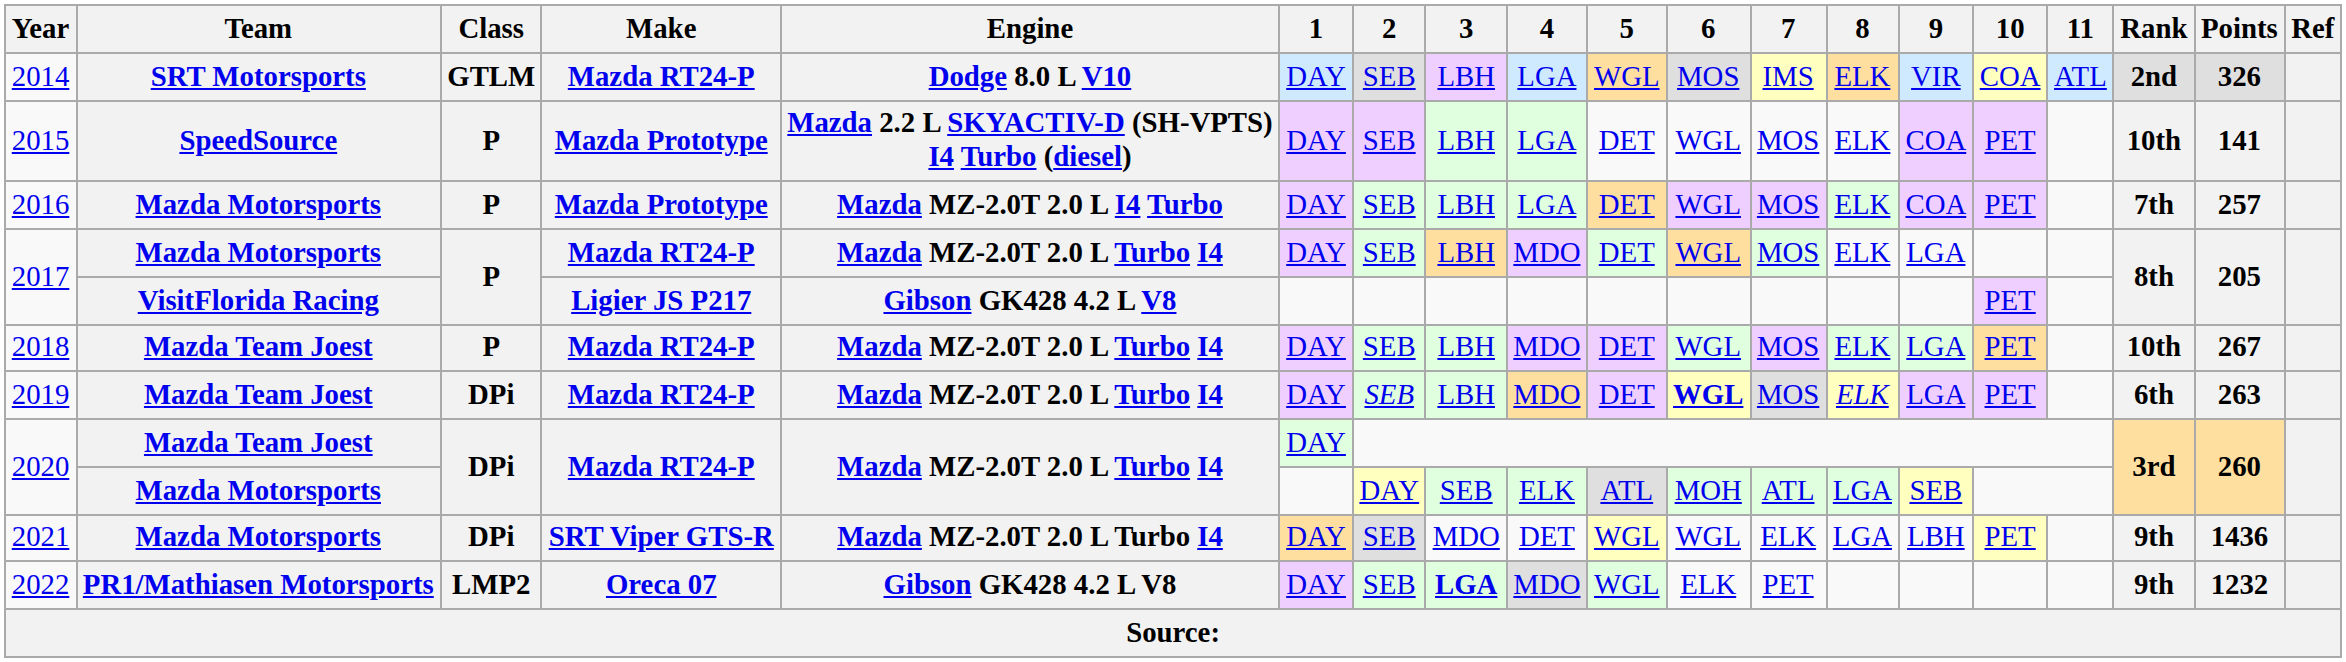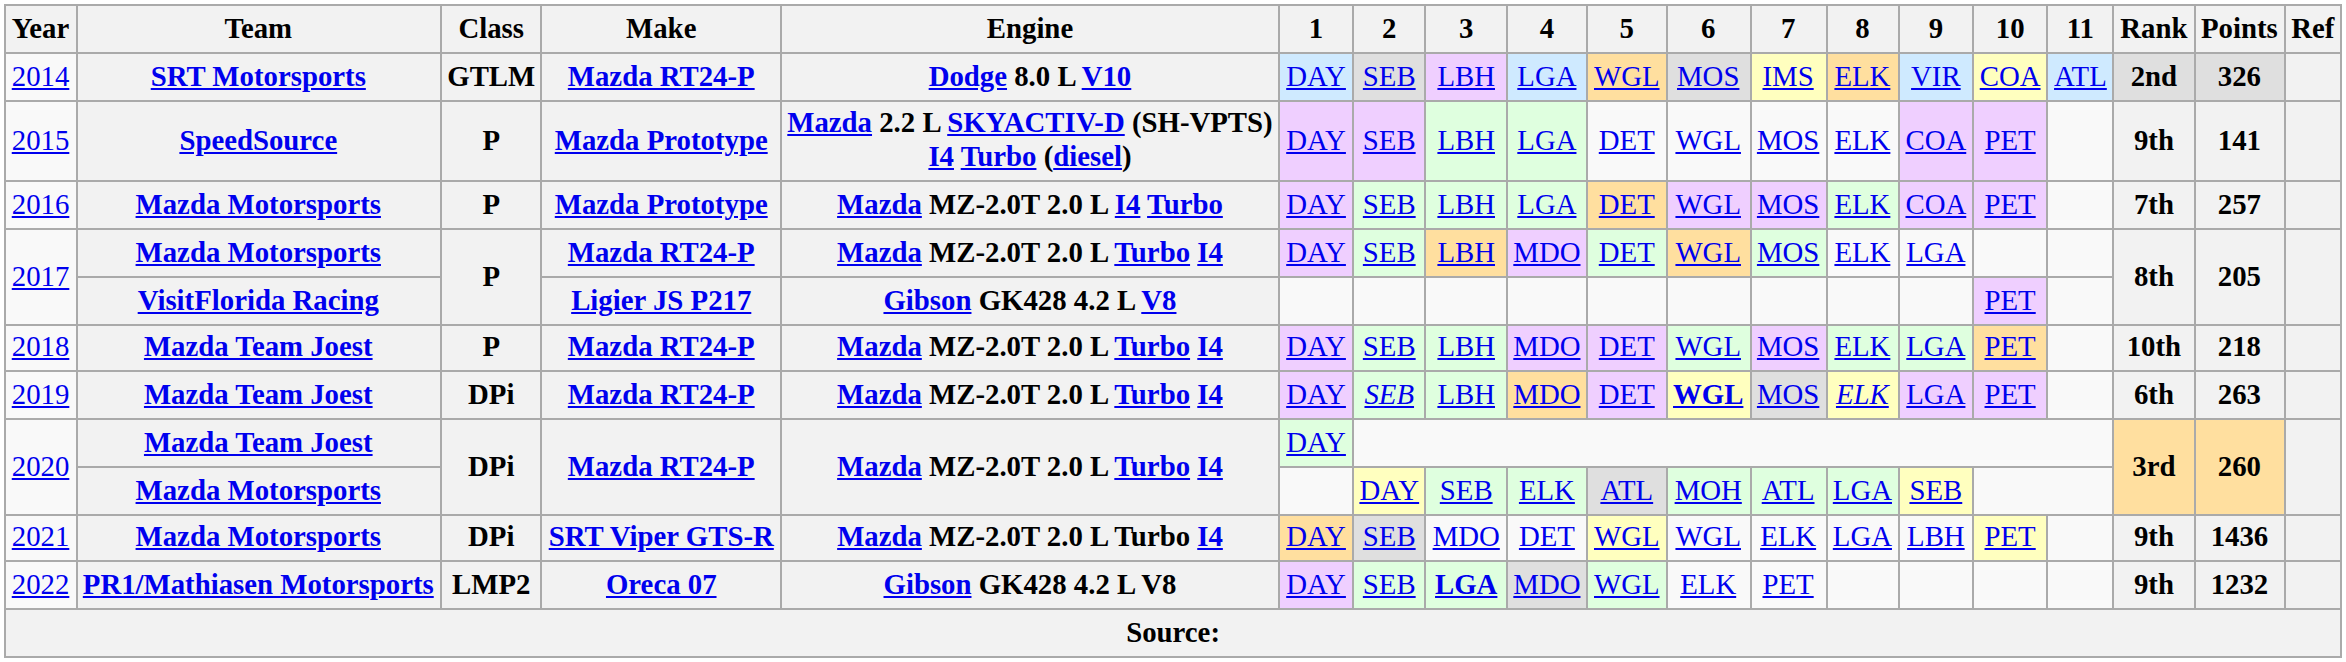 <table class="wikitable" style="text-align:center; font-size:90%">
 <tr>
 <th>Year</th>
 <th>Team</th>
 <th>Class</th>
 <th>Make</th>
 <th>Engine</th>
 <th>1</th>
 <th>2</th>
 <th>3</th>
 <th>4</th>
 <th>5</th>
 <th>6</th>
 <th>7</th>
 <th>8</th>
 <th>9</th>
 <th>10</th>
 <th>11</th>
 <th>Rank</th>
 <th>Points</th>
 <th>Ref</th>
 </tr>
 <tr>
 <td><a href='#'>2014</a></td>
 <th><a href='#'>SRT Motorsports</a></th>
 <th>GTLM</th>
 <th><a href='#'>Mazda RT24-P</a></th>
 <th><a href='#'>Dodge</a> 8.0 L <a href='#'>V10</a></th>
 <td style="background:#CFEAFF;"><a href='#'>DAY</a><br></td>
 <td style="background:#DFDFDF;"><a href='#'>SEB</a><br></td>
 <td style="background:#efcfff;"><a href='#'>LBH</a><br></td>
 <td style="background:#CFEAFF;"><a href='#'>LGA</a><br></td>
 <td style="background:#FFDF9F;"><a href='#'>WGL</a><br></td>
 <td style="background:#DFDFDF;"><a href='#'>MOS</a><br></td>
 <td style="background:#ffffbf;"><a href='#'>IMS</a><br></td>
 <td style="background:#FFDF9F;"><a href='#'>ELK</a><br></td>
 <td style="background:#CFEAFF;"><a href='#'>VIR</a><br></td>
 <td style="background:#ffffbf;"><a href='#'>COA</a><br></td>
 <td style="background:#CFEAFF;"><a href='#'>ATL</a><br></td>
 <td style="background:#DFDFDF;"><strong>2nd</strong></td>
 <td style="background:#DFDFDF;"><strong>326</strong></td>
 <th></th>
 </tr>
 <tr>
 <td><a href='#'>2015</a></td>
 <th><a href='#'>SpeedSource</a></th>
 <th>P</th>
 <th><a href='#'>Mazda Prototype</a></th>
 <th><a href='#'>Mazda</a> 2.2 L <a href='#'>SKYACTIV-D</a> (SH-VPTS) <br> <a href='#'>I4</a> <a href='#'>Turbo</a> (<a href='#'>diesel</a>)</th>
 <td style="background:#efcfff;"><a href='#'>DAY</a><br></td>
 <td style="background:#efcfff;"><a href='#'>SEB</a><br></td>
 <td style="background:#dfffdf;"><a href='#'>LBH</a><br></td>
 <td style="background:#dfffdf;"><a href='#'>LGA</a><br></td>
 <td><a href='#'>DET</a><br></td>
 <td><a href='#'>WGL</a><br></td>
 <td><a href='#'>MOS</a><br></td>
 <td><a href='#'>ELK</a><br></td>
 <td style="background:#efcfff;"><a href='#'>COA</a><br></td>
 <td style="background:#efcfff;"><a href='#'>PET</a><br></td>
 <td></td>
-<th>10th</th>
+<th>9th</th>
 <th>141</th>
 <th></th>
 </tr>
 <tr>
 <td><a href='#'>2016</a></td>
 <th><a href='#'>Mazda Motorsports</a></th>
 <th>P</th>
 <th><a href='#'>Mazda Prototype</a></th>
 <th><a href='#'>Mazda</a> MZ-2.0T 2.0 L <a href='#'>I4</a> <a href='#'>Turbo</a></th>
 <td style="background:#EFCFFF"><a href='#'>DAY</a><br></td>
 <td style="background:#DFFFDF"><a href='#'>SEB</a><br></td>
 <td style="background:#DFFFDF"><a href='#'>LBH</a><br></td>
 <td style="background:#DFFFDF"><a href='#'>LGA</a><br></td>
 <td style="background:#FFDF9F"><a href='#'>DET</a><br></td>
 <td style="background:#EFCFFF"><a href='#'>WGL</a><br></td>
 <td style="background:#EFCFFF"><a href='#'>MOS</a><br></td>
 <td style="background:#DFFFDF"><a href='#'>ELK</a><br></td>
 <td style="background:#EFCFFF"><a href='#'>COA</a><br></td>
 <td style="background:#EFCFFF"><a href='#'>PET</a><br></td>
 <td></td>
 <th>7th</th>
 <th>257</th>
 <th></th>
 </tr>
 <tr>
 <td rowspan=2><a href='#'>2017</a></td>
 <th><a href='#'>Mazda Motorsports</a></th>
 <th rowspan=2>P</th>
 <th><a href='#'>Mazda RT24-P</a></th>
 <th><a href='#'>Mazda</a> MZ-2.0T 2.0 L <a href='#'>Turbo</a> <a href='#'>I4</a></th>
 <td style="background:#EFCFFF"><a href='#'>DAY</a><br></td>
 <td style="background:#DFFFDF"><a href='#'>SEB</a> <br></td>
 <td style="background:#FFDF9F"><a href='#'>LBH</a><br></td>
 <td style="background:#EFCFFF;"><a href='#'>MDO</a><br></td>
 <td style="background:#DFFFDF"><a href='#'>DET</a><br></td>
 <td style="background:#FFDF9F"><a href='#'>WGL</a> <br></td>
 <td style="background:#DFFFDF"><a href='#'>MOS</a><br></td>
 <td><a href='#'>ELK</a></td>
 <td><a href='#'>LGA</a></td>
 <td></td>
 <td></td>
 <th rowspan=2>8th</th>
 <th rowspan=2>205</th>
 <th rowspan="2"></th>
 </tr>
 <tr>
 <th><a href='#'>VisitFlorida Racing</a></th>
 <th><a href='#'>Ligier JS P217</a></th>
 <th><a href='#'>Gibson</a> GK428 4.2 L <a href='#'>V8</a></th>
 <td></td>
 <td></td>
 <td></td>
 <td></td>
 <td></td>
 <td></td>
 <td></td>
 <td></td>
 <td></td>
 <td style="background:#EFCFFF"><a href='#'>PET</a><br></td>
 <td></td>
 </tr>
 <tr>
 <td><a href='#'>2018</a></td>
 <th><a href='#'>Mazda Team Joest</a></th>
 <th>P</th>
 <th><a href='#'>Mazda RT24-P</a></th>
 <th><a href='#'>Mazda</a> MZ-2.0T 2.0 L <a href='#'>Turbo</a> <a href='#'>I4</a></th>
 <td style="background:#EFCFFF;"><a href='#'>DAY</a><br></td>
 <td style="background:#DFFFDF;"><a href='#'>SEB</a><br></td>
 <td style="background:#DFFFDF;"><a href='#'>LBH</a><br></td>
 <td style="background:#EFCFFF;"><a href='#'>MDO</a><br></td>
 <td style="background:#EFCFFF;"><a href='#'>DET</a><br></td>
 <td style="background:#DFFFDF;"><a href='#'>WGL</a><br></td>
 <td style="background:#EFCFFF;"><a href='#'>MOS</a><br></td>
 <td style="background:#DFFFDF;"><a href='#'>ELK</a><br></td>
 <td style="background:#DFFFDF;"><a href='#'>LGA</a><br></td>
 <td style="background:#FFDF9F"><a href='#'>PET</a><br></td>
 <td></td>
 <th>10th</th>
-<th>267</th>
+<th>218</th>
 <th></th>
 </tr>
 <tr>
 <td><a href='#'>2019</a></td>
 <th><a href='#'>Mazda Team Joest</a></th>
 <th>DPi</th>
 <th><a href='#'>Mazda RT24-P</a></th>
 <th><a href='#'>Mazda</a> MZ-2.0T 2.0 L <a href='#'>Turbo</a> <a href='#'>I4</a></th>
 <td style="background:#EFCFFF;"><a href='#'>DAY</a><br></td>
 <td style="background:#DFFFDF;"><em><a href='#'>SEB</a></em><br></td>
 <td style="background:#DFFFDF;"><a href='#'>LBH</a><br></td>
 <td style="background:#FFDF9F"><a href='#'>MDO</a><br></td>
 <td style="background:#EFCFFF;"><a href='#'>DET</a><br></td>
 <td style="background:#FFFFBF;"><strong><a href='#'>WGL</a></strong><br></td>
 <td style="background:#DFDFDF;"><a href='#'>MOS</a><br></td>
 <td style="background:#FFFFBF;"><em><a href='#'>ELK</a></em><br></td>
 <td style="background:#EFCFFF;"><a href='#'>LGA</a><br></td>
 <td style="background:#EFCFFF;"><a href='#'>PET</a><br></td>
 <td></td>
 <th>6th</th>
 <th>263</th>
 <th></th>
 </tr>
 <tr>
 <td rowspan=2><a href='#'>2020</a></td>
 <th><a href='#'>Mazda Team Joest</a></th>
 <th rowspan=2>DPi</th>
 <th rowspan=2><a href='#'>Mazda RT24-P</a></th>
 <th rowspan=2><a href='#'>Mazda</a> MZ-2.0T 2.0 L <a href='#'>Turbo</a> <a href='#'>I4</a></th>
 <td style="background:#DFFFDF;"><a href='#'>DAY</a><br></td>
 <td colspan=10></td>
 <th rowspan=2 style="background:#FFDF9F">3rd</th>
 <th rowspan=2 style="background:#FFDF9F">260</th>
 <th rowspan="2"></th>
 </tr>
 <tr>
 <th><a href='#'>Mazda Motorsports</a></th>
 <td></td>
 <td style="background:#FFFFBF;"><a href='#'>DAY</a><br></td>
 <td style="background:#DFFFDF;"><a href='#'>SEB</a><br></td>
 <td style="background:#DFFFDF;"><a href='#'>ELK</a><br></td>
 <td style="background:#DFDFDF;"><a href='#'>ATL</a><br></td>
 <td style="background:#DFFFDF;"><a href='#'>MOH</a><br></td>
 <td style="background:#DFFFDF;"><a href='#'>ATL</a><br></td>
 <td style="background:#DFFFDF;"><a href='#'>LGA</a><br></td>
 <td style="background:#FFFFBF;"><a href='#'>SEB</a><br></td>
 <td colspan=2></td>
 </tr>
 <tr>
 <td><a href='#'>2021</a></td>
 <th><a href='#'>Mazda Motorsports</a></th>
 <th>DPi</th>
 <th><a href='#'>SRT Viper GTS-R</a></th>
 <th><a href='#'>Mazda</a> MZ-2.0T 2.0 L Turbo <a href='#'>I4</a></th>
 <td style="background:#FFDF9F"><a href='#'>DAY</a><br></td>
 <td style="background:#DFDFDF;"><a href='#'>SEB</a><br></td>
 <td><a href='#'>MDO</a></td>
 <td><a href='#'>DET</a></td>
 <td style="background:#FFFFBF;"><a href='#'>WGL</a><br></td>
 <td><a href='#'>WGL</a></td>
 <td><a href='#'>ELK</a></td>
 <td><a href='#'>LGA</a></td>
 <td><a href='#'>LBH</a></td>
 <td style="background:#FFFFBF;"><a href='#'>PET</a><br></td>
 <td></td>
 <th>9th</th>
 <th>1436</th>
 <th></th>
 </tr>
 <tr>
 <td><a href='#'>2022</a></td>
 <th><a href='#'>PR1/Mathiasen Motorsports</a></th>
 <th>LMP2</th>
 <th><a href='#'>Oreca 07</a></th>
 <th><a href='#'>Gibson</a> GK428 4.2 L V8</th>
 <td style="background:#EFCFFF;"><a href='#'>DAY</a><br></td>
 <td style="background:#DFFFDF;"><a href='#'>SEB</a><br></td>
 <td style="background:#DFFFDF;"><strong><a href='#'>LGA</a></strong><br></td>
 <td style="background:#DFDFDF;"><a href='#'>MDO</a><br></td>
 <td style="background:#DFFFDF;"><a href='#'>WGL</a><br></td>
 <td style="background:"><a href='#'>ELK</a><br></td>
 <td style="background:"><a href='#'>PET</a><br></td>
 <td></td>
 <td></td>
 <td></td>
 <td></td>
 <th>9th</th>
 <th>1232</th>
 <th></th>
 </tr>
 <tr>
 <th colspan="19">Source:</th>
 </tr>
 </table>
